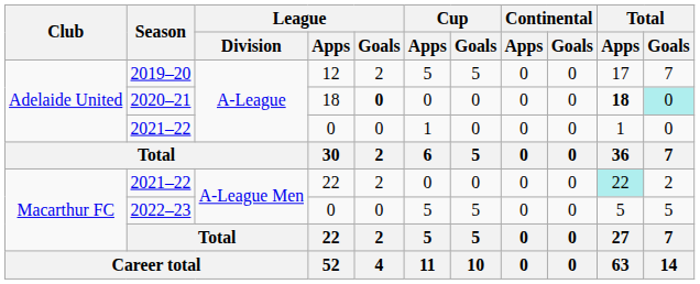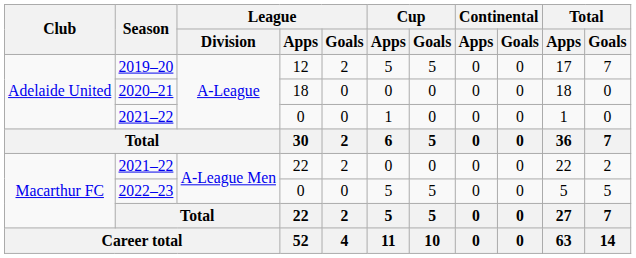 <table class="wikitable" style="text-align: center;">
 <tr>
 <th rowspan="2">Club</th>
 <th rowspan="2">Season</th>
 <th colspan="3">League</th>
 <th colspan="2">Cup</th>
 <th colspan="2">Continental</th>
 <th colspan="2">Total</th>
 </tr>
 <tr>
 <th>Division</th>
 <th>Apps</th>
 <th>Goals</th>
 <th>Apps</th>
 <th>Goals</th>
 <th>Apps</th>
 <th>Goals</th>
 <th>Apps</th>
 <th>Goals</th>
 </tr>
 <tr>
 <td rowspan="3"><a href='#'>Adelaide United</a></td>
 <td><a href='#'>2019–20</a></td>
 <td rowspan=3><a href='#'>A-League</a></td>
 <td>12</td>
 <td>2</td>
 <td>5</td>
 <td>5</td>
 <td>0</td>
 <td>0</td>
 <td>17</td>
 <td>7</td>
 </tr>
 <tr>
 <td><a href='#'>2020–21</a></td>
 <td>18</td>
-<td><strong>0</strong></td>
 <td>0</td>
 <td>0</td>
 <td>0</td>
 <td>0</td>
-<td><strong>18</strong></td>
-<td style="background: paleturquoise;">0</td>
+<td>0</td>
+<td>18</td>
+<td>0</td>
 </tr>
 <tr>
 <td><a href='#'>2021–22</a></td>
 <td>0</td>
 <td>0</td>
 <td>1</td>
 <td>0</td>
 <td>0</td>
 <td>0</td>
 <td>1</td>
 <td>0</td>
 </tr>
 <tr>
 <th colspan="3">Total</th>
 <th>30</th>
 <th>2</th>
 <th>6</th>
 <th>5</th>
 <th>0</th>
 <th>0</th>
 <th>36</th>
 <th>7</th>
 </tr>
 <tr>
 <td rowspan="3"><a href='#'>Macarthur FC</a></td>
 <td><a href='#'>2021–22</a></td>
 <td rowspan=2><a href='#'>A-League Men</a></td>
 <td>22</td>
 <td>2</td>
 <td>0</td>
 <td>0</td>
 <td>0</td>
 <td>0</td>
-<td style="background: paleturquoise;">22</td>
+<td>22</td>
 <td>2</td>
 </tr>
 <tr>
 <td><a href='#'>2022–23</a></td>
 <td>0</td>
 <td>0</td>
 <td>5</td>
 <td>5</td>
 <td>0</td>
 <td>0</td>
 <td>5</td>
 <td>5</td>
 </tr>
 <tr>
 <th colspan="2">Total</th>
 <th>22</th>
 <th>2</th>
 <th>5</th>
 <th>5</th>
 <th>0</th>
 <th>0</th>
 <th>27</th>
 <th>7</th>
 </tr>
 <tr>
 <th colspan="3">Career total</th>
 <th>52</th>
 <th>4</th>
 <th>11</th>
 <th>10</th>
 <th>0</th>
 <th>0</th>
 <th>63</th>
 <th>14</th>
 </tr>
 </table>
